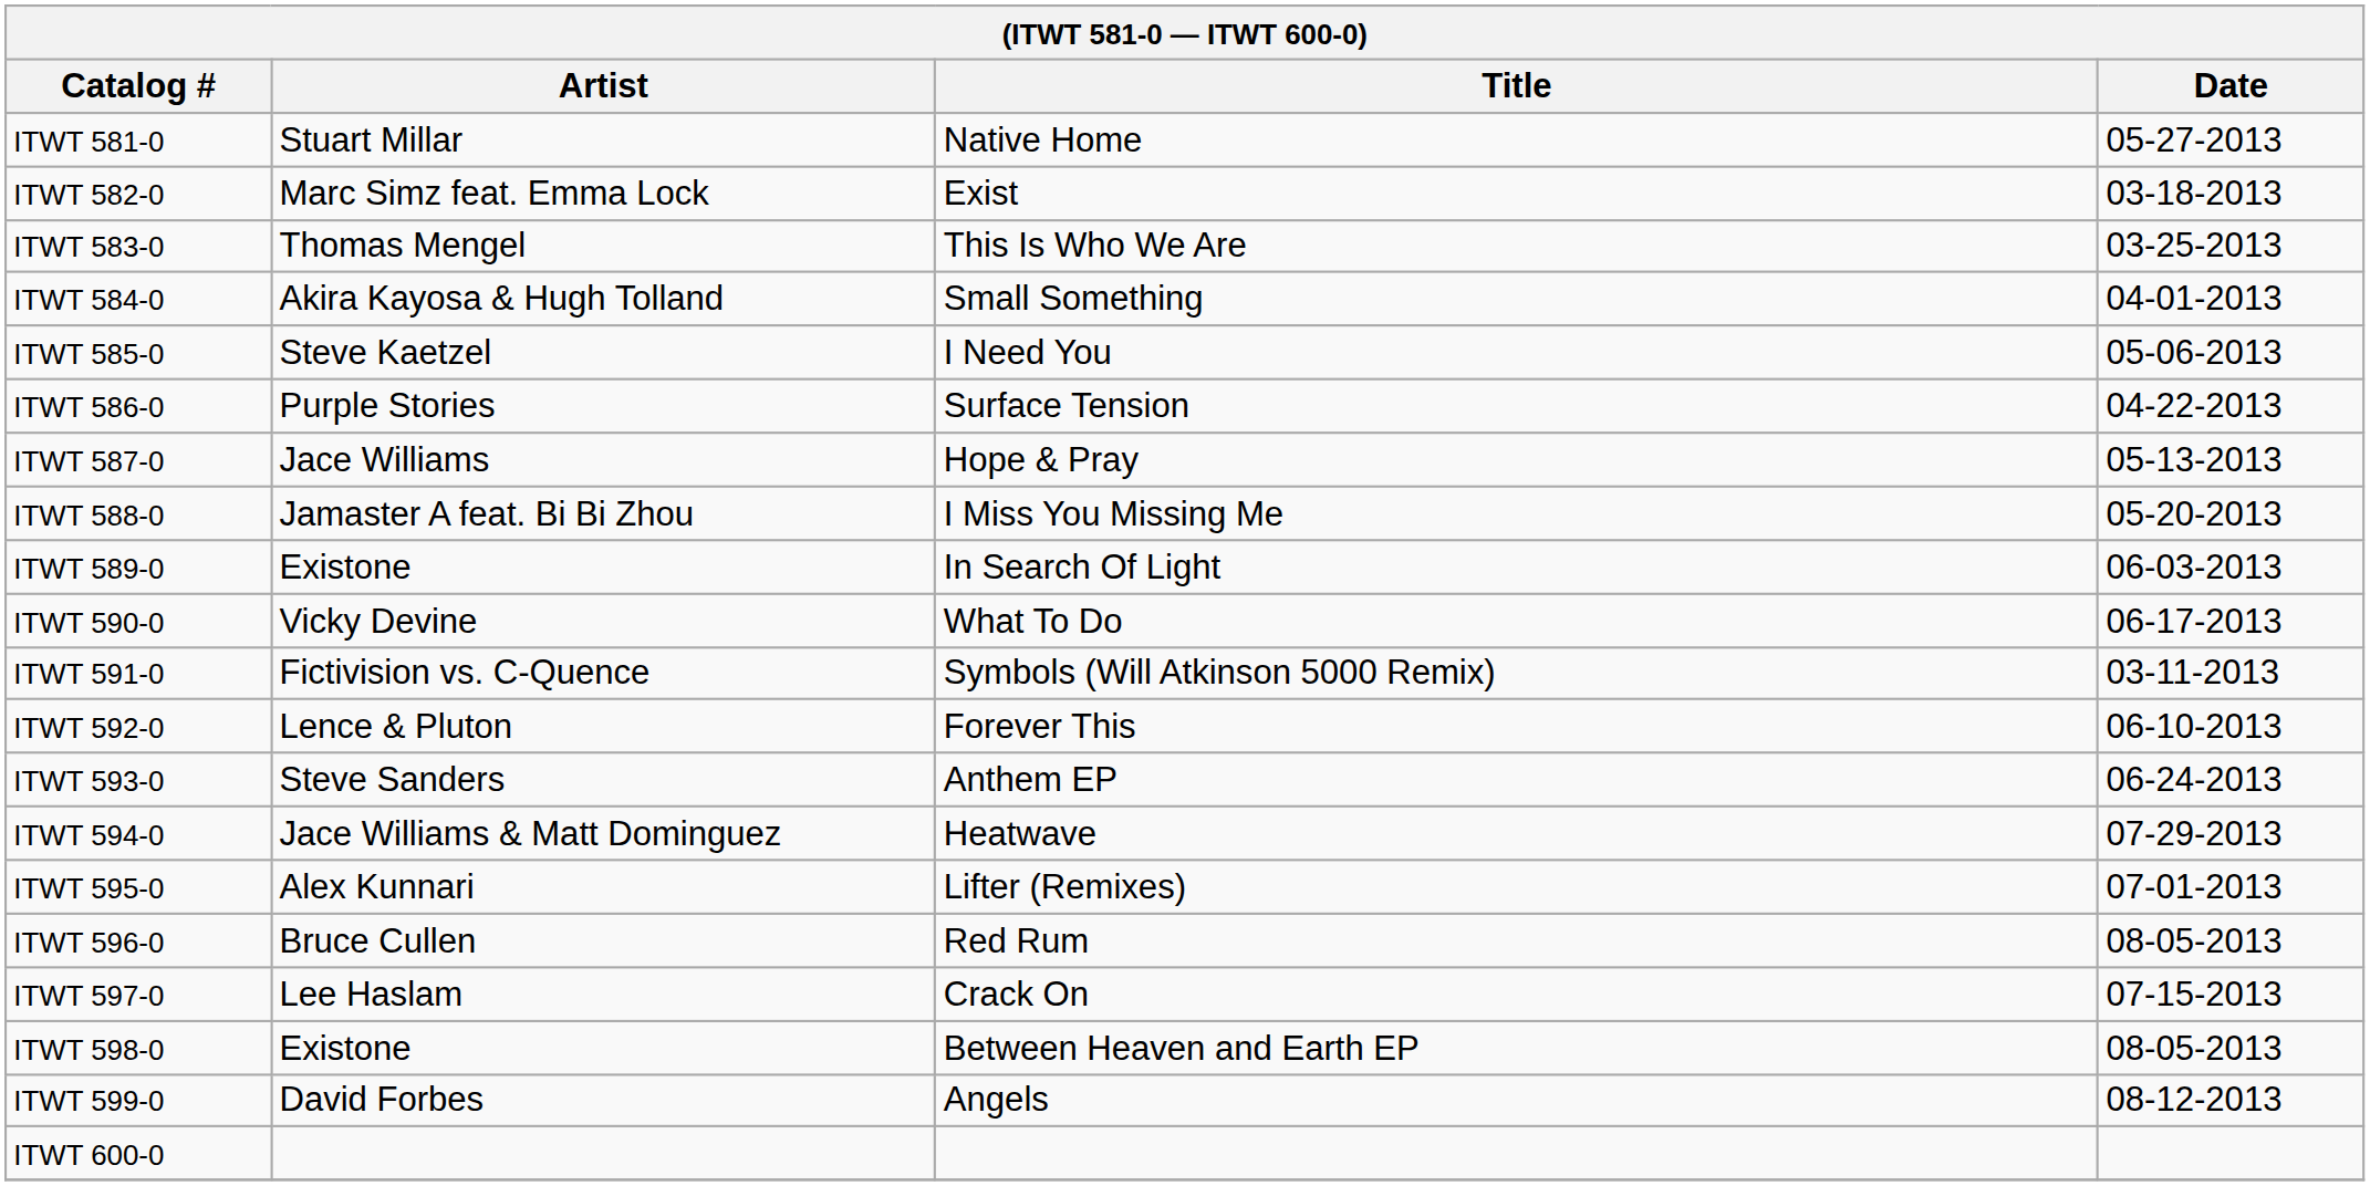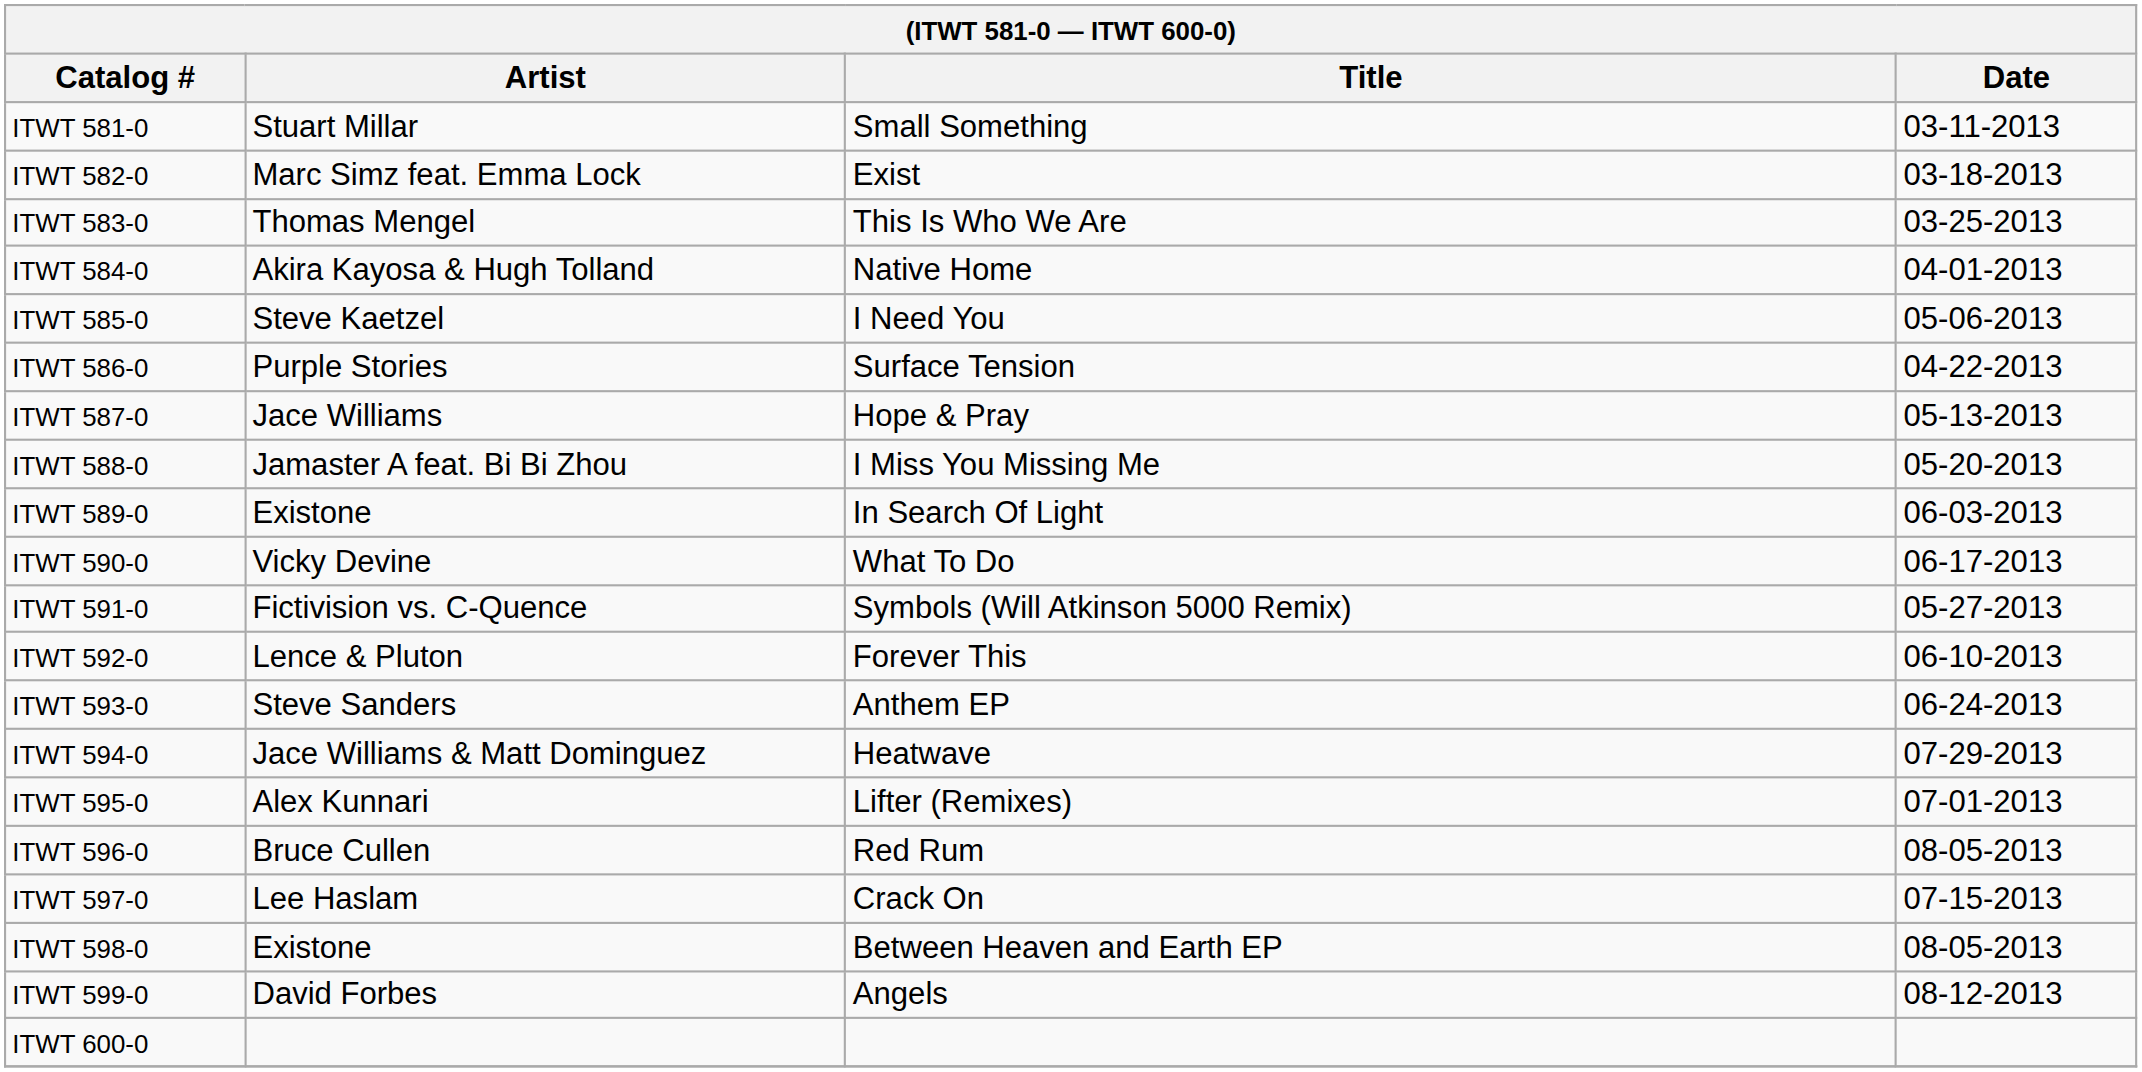 <table width="80%" class="wikitable collapsible collapsed" style="font-size:92%;position:relative;">
 <tr>
 <th colspan="5"><small>(ITWT 581-0 — ITWT 600-0)</small></th>
 </tr>
 <tr>
 <th width="8%">Catalog #</th>
 <th width="20%">Artist</th>
 <th width="35%">Title</th>
 <th width="8%">Date</th>
 </tr>
 <tr>
 <td><small>ITWT 581-0</small></td>
 <td>Stuart Millar</td>
-<td>Native Home</td>
-<td>05-27-2013</td>
+<td>Small Something</td>
+<td>03-11-2013</td>
 </tr>
 <tr>
 <td><small>ITWT 582-0</small></td>
 <td>Marc Simz feat. Emma Lock</td>
 <td>Exist</td>
 <td>03-18-2013</td>
 </tr>
 <tr>
 <td><small>ITWT 583-0</small></td>
 <td>Thomas Mengel</td>
 <td>This Is Who We Are</td>
 <td>03-25-2013</td>
 </tr>
 <tr>
 <td><small>ITWT 584-0</small></td>
 <td>Akira Kayosa & Hugh Tolland</td>
-<td>Small Something</td>
+<td>Native Home</td>
 <td>04-01-2013</td>
 </tr>
 <tr>
 <td><small>ITWT 585-0</small></td>
 <td>Steve Kaetzel</td>
 <td>I Need You</td>
 <td>05-06-2013</td>
 </tr>
 <tr>
 <td><small>ITWT 586-0</small></td>
 <td>Purple Stories</td>
 <td>Surface Tension</td>
 <td>04-22-2013</td>
 </tr>
 <tr>
 <td><small>ITWT 587-0</small></td>
 <td>Jace Williams</td>
 <td>Hope & Pray</td>
 <td>05-13-2013</td>
 </tr>
 <tr>
 <td><small>ITWT 588-0</small></td>
 <td>Jamaster A feat. Bi Bi Zhou</td>
 <td>I Miss You Missing Me</td>
 <td>05-20-2013</td>
 </tr>
 <tr>
 <td><small>ITWT 589-0</small></td>
 <td>Existone</td>
 <td>In Search Of Light</td>
 <td>06-03-2013</td>
 </tr>
 <tr>
 <td><small>ITWT 590-0</small></td>
 <td>Vicky Devine</td>
 <td>What To Do</td>
 <td>06-17-2013</td>
 </tr>
 <tr>
 <td><small>ITWT 591-0</small></td>
 <td>Fictivision vs. C-Quence</td>
 <td>Symbols (Will Atkinson 5000 Remix)</td>
-<td>03-11-2013</td>
+<td>05-27-2013</td>
 </tr>
 <tr>
 <td><small>ITWT 592-0</small></td>
 <td>Lence & Pluton</td>
 <td>Forever This</td>
 <td>06-10-2013</td>
 </tr>
 <tr>
 <td><small>ITWT 593-0</small></td>
 <td>Steve Sanders</td>
 <td>Anthem EP</td>
 <td>06-24-2013</td>
 </tr>
 <tr>
 <td><small>ITWT 594-0</small></td>
 <td>Jace Williams & Matt Dominguez</td>
 <td>Heatwave</td>
 <td>07-29-2013</td>
 </tr>
 <tr>
 <td><small>ITWT 595-0</small></td>
 <td>Alex Kunnari</td>
 <td>Lifter (Remixes)</td>
 <td>07-01-2013</td>
 </tr>
 <tr>
 <td><small>ITWT 596-0</small></td>
 <td>Bruce Cullen</td>
 <td>Red Rum</td>
 <td>08-05-2013</td>
 </tr>
 <tr>
 <td><small>ITWT 597-0</small></td>
 <td>Lee Haslam</td>
 <td>Crack On</td>
 <td>07-15-2013</td>
 </tr>
 <tr>
 <td><small>ITWT 598-0</small></td>
 <td>Existone</td>
 <td>Between Heaven and Earth EP</td>
 <td>08-05-2013</td>
 </tr>
 <tr>
 <td><small>ITWT 599-0</small></td>
 <td>David Forbes</td>
 <td>Angels</td>
 <td>08-12-2013</td>
 </tr>
 <tr>
 <td><small>ITWT 600-0</small></td>
 <td></td>
 <td></td>
 <td></td>
 </tr>
 <tr>
 </tr>
 </table>
